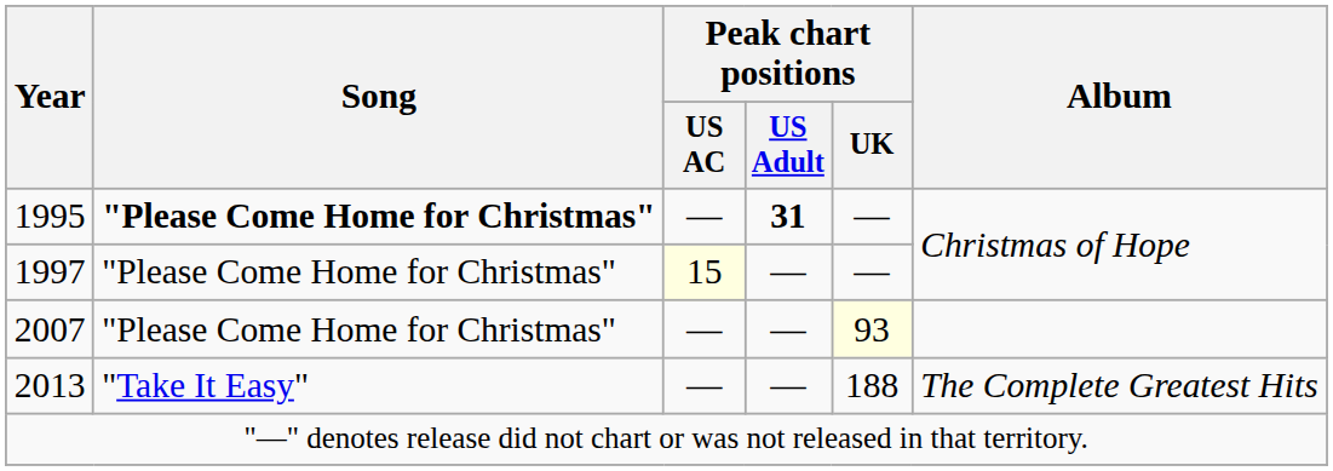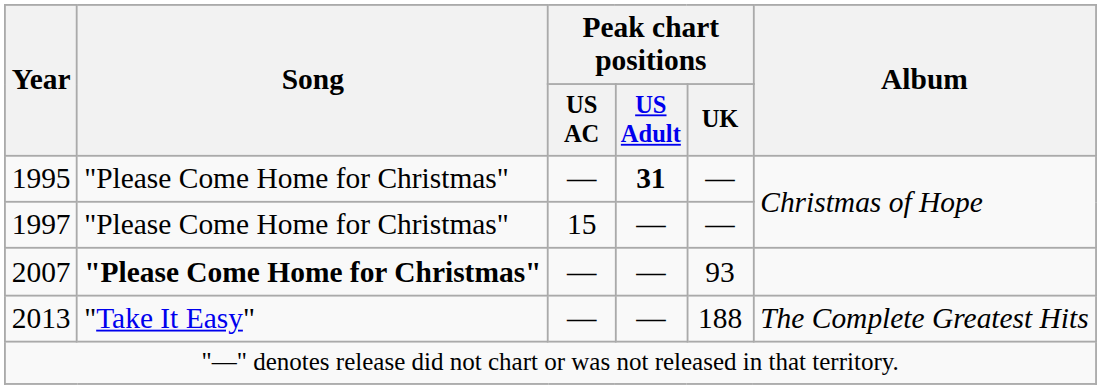 <table class="wikitable" style="text-align:center;">
 <tr>
 <th rowspan="2">Year</th>
 <th rowspan="2">Song</th>
 <th colspan="3">Peak chart<br>positions</th>
 <th rowspan="2">Album</th>
 </tr>
 <tr style="font-size:smaller;">
 <th width="30">US<br>AC<br></th>
 <th width="30"><a href='#'>US Adult</a><br></th>
 <th width="30">UK<br></th>
 </tr>
 <tr>
 <td>1995</td>
-<td align="left"><strong>"Please Come Home for Christmas"</strong></td>
+<td align="left">"Please Come Home for Christmas"</td>
 <td>—</td>
 <td><strong>31</strong></td>
 <td>—</td>
 <td align="left" rowspan="2"><em>Christmas of Hope</em></td>
 </tr>
 <tr>
 <td>1997</td>
 <td align="left">"Please Come Home for Christmas"</td>
-<td style="background: lightyellow;">15</td>
+<td>15</td>
 <td>—</td>
 <td>—</td>
 </tr>
 <tr>
 <td>2007</td>
-<td align="left">"Please Come Home for Christmas"</td>
+<td align="left"><strong>"Please Come Home for Christmas"</strong></td>
 <td>—</td>
 <td>—</td>
-<td style="background: lightyellow;">93</td>
+<td>93</td>
 <td></td>
 </tr>
 <tr>
 <td>2013</td>
 <td align="left">"<a href='#'>Take It Easy</a>"</td>
 <td>—</td>
 <td>—</td>
 <td>188</td>
 <td align="left"><em>The Complete Greatest Hits</em></td>
 </tr>
 <tr>
 <td colspan="15" style="font-size:85%">"—" denotes release did not chart or was not released in that territory.</td>
 </tr>
 </table>
